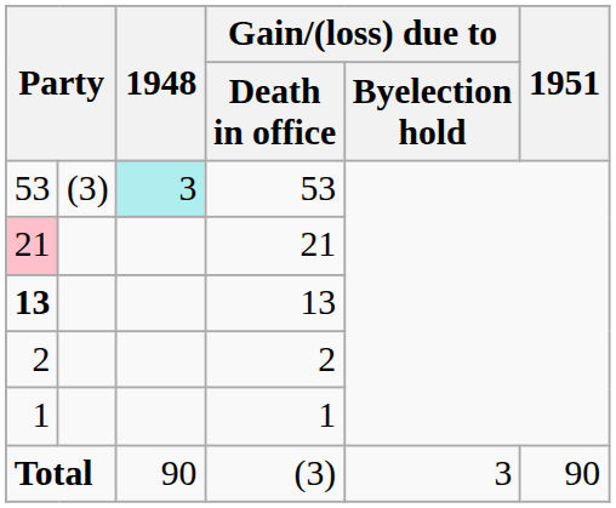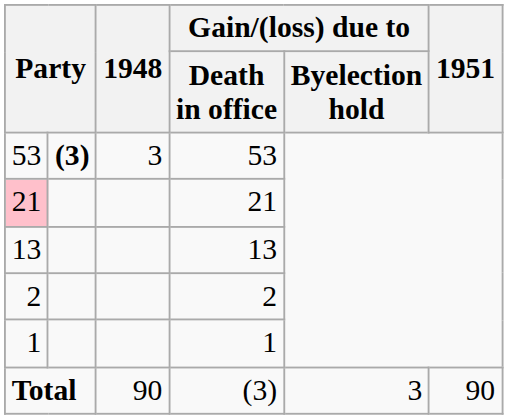 <table class="wikitable" style="text-align:right">
 <tr>
 <th rowspan="2" colspan="2">Party</th>
 <th rowspan="2">1948</th>
 <th colspan="2">Gain/(loss) due to</th>
 <th rowspan="2">1951</th>
 </tr>
 <tr>
 <th>Death<br>in office</th>
 <th>Byelection<br>hold</th>
 </tr>
 <tr>
 <td>53</td>
-<td>(3)</td>
-<td style="background: paleturquoise;">3</td>
+<td><strong>(3)</strong></td>
+<td>3</td>
 <td>53</td>
 </tr>
 <tr>
 <td style="background: pink;">21</td>
 <td></td>
 <td></td>
 <td>21</td>
 </tr>
 <tr>
-<td><strong>13</strong></td>
+<td>13</td>
 <td></td>
 <td></td>
 <td>13</td>
 </tr>
 <tr>
 <td>2</td>
 <td></td>
 <td></td>
 <td>2</td>
 </tr>
 <tr>
 <td>1</td>
 <td></td>
 <td></td>
 <td>1</td>
 </tr>
 <tr>
 <td colspan="2" style="text-align:left;"><strong>Total</strong></td>
 <td>90</td>
 <td>(3)</td>
 <td>3</td>
 <td>90</td>
 </tr>
 </table>
